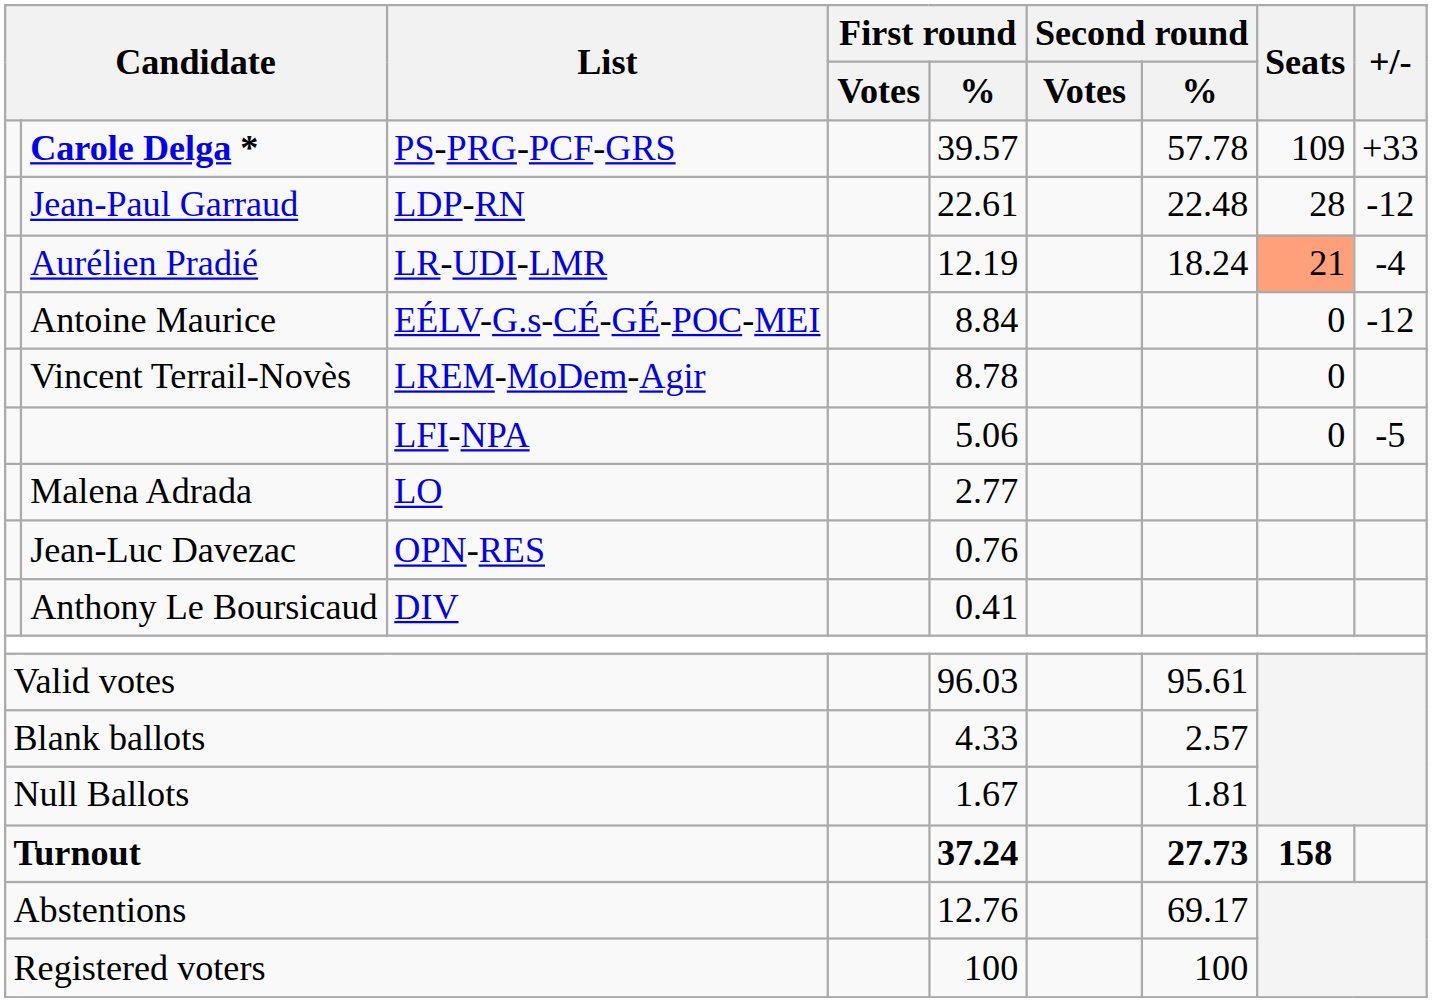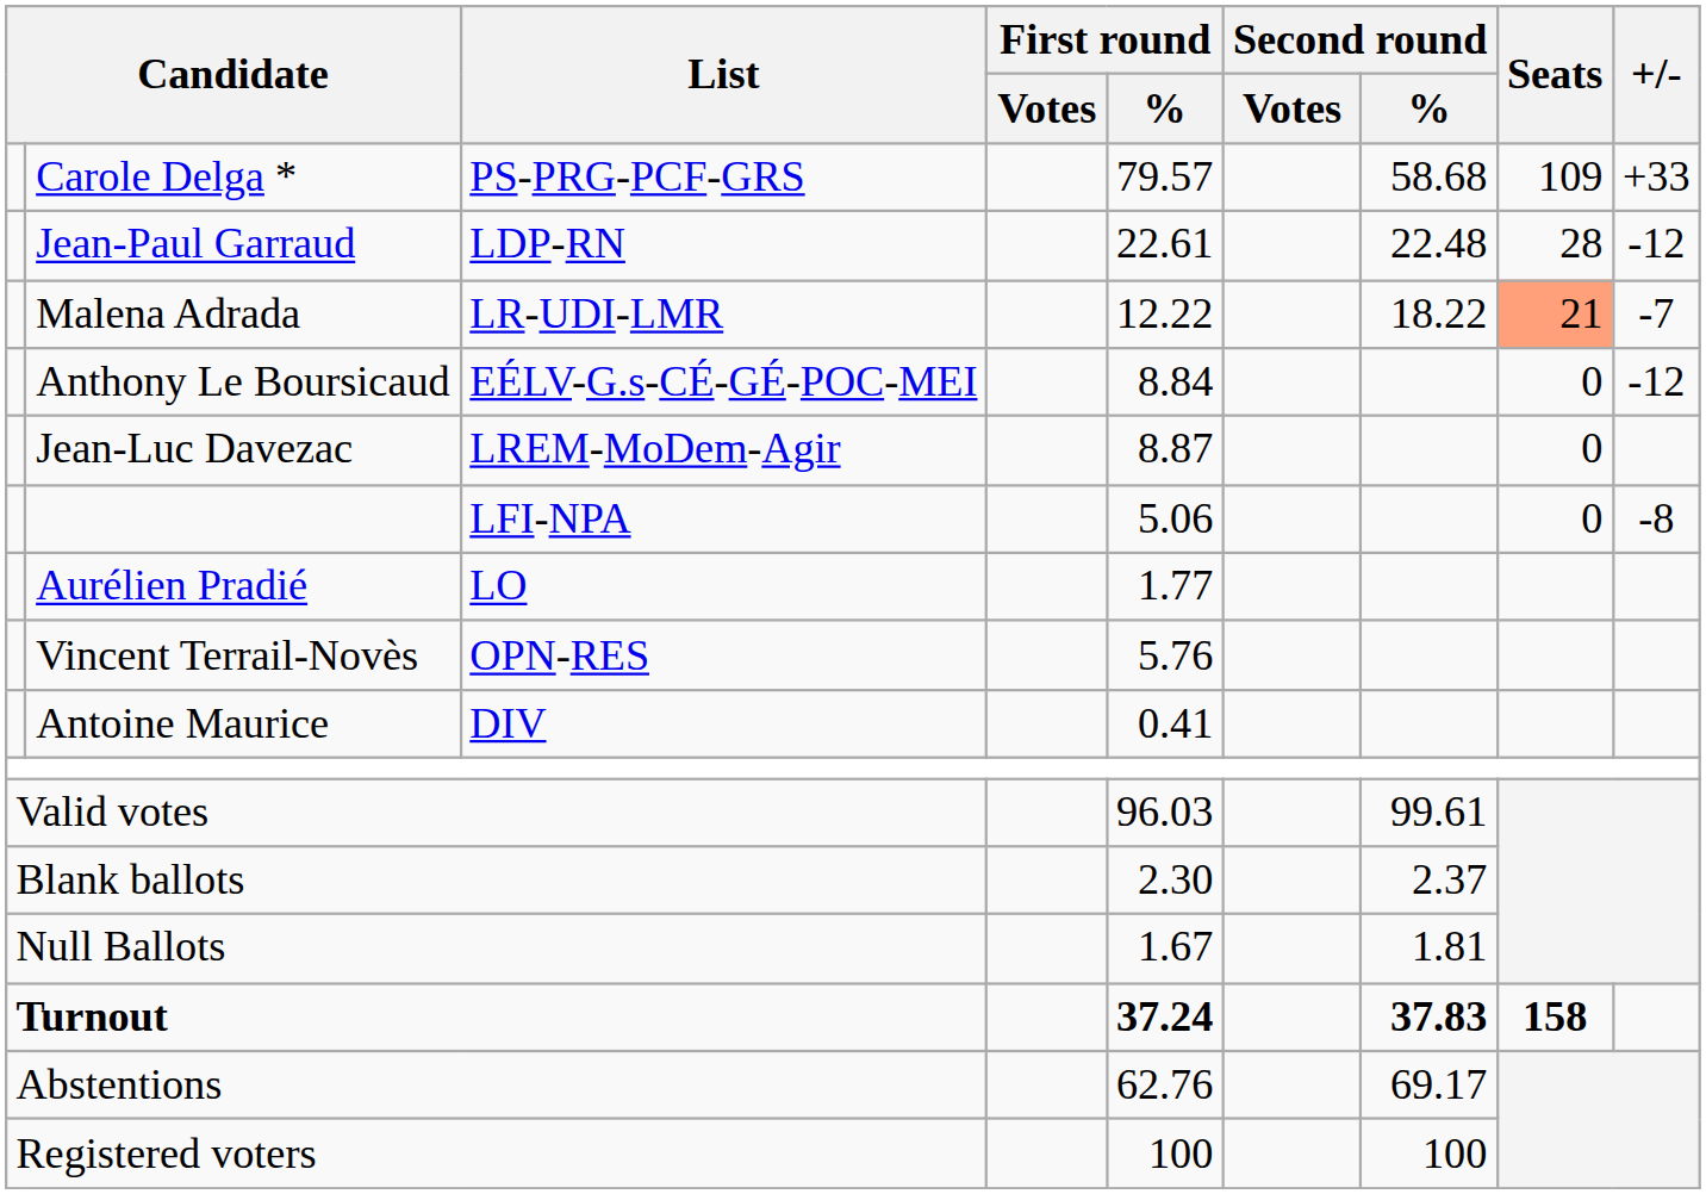 <table class="wikitable centre" style="text-align:right;">
 <tr>
 <th rowspan=2 colspan=2 scope=col>Candidate</th>
 <th rowspan=2 scope=col>List</th>
 <th colspan=2 scope=col>First round</th>
 <th colspan=2 scope=col>Second round</th>
 <th rowspan=2 scope=col>Seats</th>
 <th rowspan=2 scope=col>+/-</th>
 </tr>
 <tr>
 <th scope=col>Votes</th>
 <th scope=col>%</th>
 <th scope=col>Votes</th>
 <th scope=col>%</th>
 </tr>
 <tr>
 <td style="color:inherit;background:"></td>
-<td align="left"><strong><a href='#'>Carole Delga</a> *</strong></td>
+<td align="left"><a href='#'>Carole Delga</a> *</td>
 <td align="left"><a href='#'>PS</a>-<a href='#'>PRG</a>-<a href='#'>PCF</a>-<a href='#'>GRS</a></td>
 <td></td>
-<td>39.57</td>
+<td>79.57</td>
 <td></td>
-<td>57.78</td>
+<td>58.68</td>
 <td>109</td>
 <td align="center">+33</td>
 </tr>
 <tr>
 <td style="color:inherit;background:"></td>
 <td align="left"><a href='#'>Jean-Paul Garraud</a></td>
 <td align="left"><a href='#'>LDP</a>-<a href='#'>RN</a></td>
 <td></td>
 <td>22.61</td>
 <td></td>
 <td>22.48</td>
 <td>28</td>
 <td align="center">-12</td>
 </tr>
 <tr>
 <td style="color:inherit;background:"></td>
-<td align="left"><a href='#'>Aurélien Pradié</a></td>
+<td align="left">Malena Adrada</td>
 <td align="left"><a href='#'>LR</a>-<a href='#'>UDI</a>-<a href='#'>LMR</a></td>
 <td></td>
-<td>12.19</td>
+<td>12.22</td>
 <td></td>
-<td>18.24</td>
+<td>18.22</td>
 <td style="background: lightsalmon;">21</td>
-<td align="center">-4</td>
+<td align="center">-7</td>
 </tr>
 <tr>
 <td style="color:inherit;background:"></td>
-<td align="left">Antoine Maurice</td>
+<td align="left">Anthony Le Boursicaud</td>
 <td align="left"><a href='#'>EÉLV</a>-<a href='#'>G.s</a>-<a href='#'>CÉ</a>-<a href='#'>GÉ</a>-<a href='#'>POC</a>-<a href='#'>MEI</a></td>
 <td></td>
 <td>8.84</td>
 <td></td>
 <td></td>
 <td>0</td>
 <td align="center">-12</td>
 </tr>
 <tr>
 <td style="color:inherit;background:"></td>
-<td align="left">Vincent Terrail-Novès</td>
+<td align="left">Jean-Luc Davezac</td>
 <td align="left"><a href='#'>LREM</a>-<a href='#'>MoDem</a>-<a href='#'>Agir</a></td>
 <td></td>
-<td>8.78</td>
+<td>8.87</td>
 <td></td>
 <td></td>
 <td>0</td>
 <td align="center"></td>
 </tr>
 <tr>
 <td style="color:inherit;background:"></td>
 <td align="left"></td>
 <td align="left"><a href='#'>LFI</a>-<a href='#'>NPA</a></td>
 <td></td>
 <td>5.06</td>
 <td></td>
 <td></td>
 <td>0</td>
-<td align="center">-5</td>
+<td align="center">-8</td>
 </tr>
 <tr>
 <td style="color:inherit;background:"></td>
-<td align="left">Malena Adrada</td>
+<td align="left"><a href='#'>Aurélien Pradié</a></td>
 <td align="left"><a href='#'>LO</a></td>
 <td></td>
-<td>2.77</td>
+<td>1.77</td>
 <td></td>
 <td></td>
 <td></td>
 <td align="center"></td>
 </tr>
 <tr>
 <td style="color:inherit;background:"></td>
-<td align="left">Jean-Luc Davezac</td>
+<td align="left">Vincent Terrail-Novès</td>
 <td align="left"><a href='#'>OPN</a>-<a href='#'>RES</a></td>
 <td></td>
-<td>0.76</td>
+<td>5.76</td>
 <td></td>
 <td></td>
 <td></td>
 <td align="center"></td>
 </tr>
 <tr>
 <td style="color:inherit;background:"></td>
-<td align="left">Anthony Le Boursicaud</td>
+<td align="left">Antoine Maurice</td>
 <td align="left"><a href='#'>DIV</a></td>
 <td></td>
 <td>0.41</td>
 <td></td>
 <td></td>
 <td></td>
 <td align="center"></td>
 </tr>
 <tr style="background:white;">
 <td colspan=9></td>
 </tr>
 <tr>
 <td colspan=3 style="text-align:left;">Valid votes</td>
 <td></td>
 <td>96.03</td>
 <td></td>
-<td>95.61</td>
+<td>99.61</td>
 <td colspan="2" rowspan="3" bgcolor=#F4F4F4></td>
 </tr>
 <tr>
 <td colspan=3 style="text-align:left;">Blank ballots</td>
 <td></td>
-<td>4.33</td>
+<td>2.30</td>
 <td></td>
-<td>2.57</td>
+<td>2.37</td>
 </tr>
 <tr>
 <td colspan=3 style="text-align:left;">Null Ballots</td>
 <td></td>
 <td>1.67</td>
 <td></td>
 <td>1.81</td>
 </tr>
 <tr style="font-weight:bold;">
 <td colspan=3 style="text-align:left;">Turnout</td>
 <td></td>
 <td>37.24</td>
 <td></td>
-<td>27.73</td>
+<td>37.83</td>
 <td align=center>158</td>
 <td align=center></td>
 </tr>
 <tr>
 <td colspan=3 style="text-align:left;">Abstentions</td>
 <td></td>
-<td>12.76</td>
+<td>62.76</td>
 <td></td>
 <td>69.17</td>
 <td colspan="2" rowspan="2" bgcolor=#F4F4F4></td>
 </tr>
 <tr>
 <td colspan=3 style="text-align:left;">Registered voters</td>
 <td></td>
 <td>100</td>
 <td></td>
 <td>100</td>
 </tr>
 </table>
